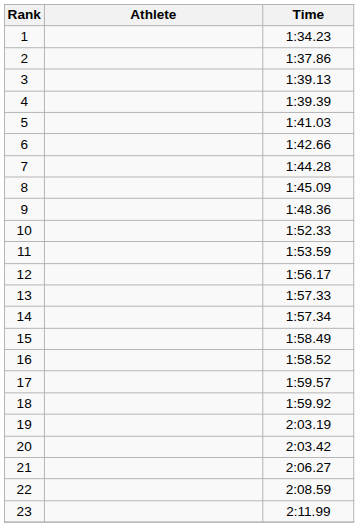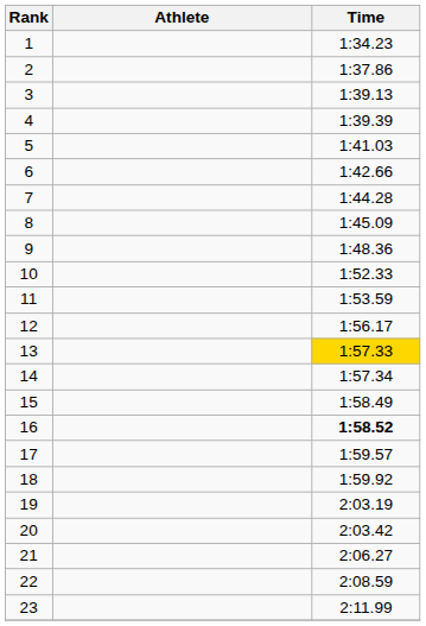 <table class="wikitable" style="text-align:center;">
 <tr>
 <th width=25>Rank</th>
 <th width=250>Athlete</th>
 <th width=100>Time</th>
 </tr>
 <tr>
 <td>1</td>
 <td align="left"></td>
 <td>1:34.23</td>
 </tr>
 <tr>
 <td>2</td>
 <td align="left"></td>
 <td>1:37.86</td>
 </tr>
 <tr>
 <td>3</td>
 <td align="left"></td>
 <td>1:39.13</td>
 </tr>
 <tr>
 <td>4</td>
 <td align="left"></td>
 <td>1:39.39</td>
 </tr>
 <tr>
 <td>5</td>
 <td align="left"></td>
 <td>1:41.03</td>
 </tr>
 <tr>
 <td>6</td>
 <td align="left"></td>
 <td>1:42.66</td>
 </tr>
 <tr>
 <td>7</td>
 <td align="left"></td>
 <td>1:44.28</td>
 </tr>
 <tr>
 <td>8</td>
 <td align="left"></td>
 <td>1:45.09</td>
 </tr>
 <tr>
 <td>9</td>
 <td align="left"></td>
 <td>1:48.36</td>
 </tr>
 <tr>
 <td>10</td>
 <td align="left"></td>
 <td>1:52.33</td>
 </tr>
 <tr>
 <td>11</td>
 <td align="left"></td>
 <td>1:53.59</td>
 </tr>
 <tr>
 <td>12</td>
 <td align="left"></td>
 <td>1:56.17</td>
 </tr>
 <tr>
 <td>13</td>
 <td align="left"></td>
-<td>1:57.33</td>
+<td style="background: gold;">1:57.33</td>
 </tr>
 <tr>
 <td>14</td>
 <td align="left"></td>
 <td>1:57.34</td>
 </tr>
 <tr>
 <td>15</td>
 <td align="left"></td>
 <td>1:58.49</td>
 </tr>
 <tr>
 <td>16</td>
 <td align="left"></td>
-<td>1:58.52</td>
+<td><strong>1:58.52</strong></td>
 </tr>
 <tr>
 <td>17</td>
 <td align="left"></td>
 <td>1:59.57</td>
 </tr>
 <tr>
 <td>18</td>
 <td align="left"></td>
 <td>1:59.92</td>
 </tr>
 <tr>
 <td>19</td>
 <td align="left"></td>
 <td>2:03.19</td>
 </tr>
 <tr>
 <td>20</td>
 <td align="left"></td>
 <td>2:03.42</td>
 </tr>
 <tr>
 <td>21</td>
 <td align="left"></td>
 <td>2:06.27</td>
 </tr>
 <tr>
 <td>22</td>
 <td align="left"></td>
 <td>2:08.59</td>
 </tr>
 <tr>
 <td>23</td>
 <td align="left"></td>
 <td>2:11.99</td>
 </tr>
 <tr>
 </tr>
 </table>
